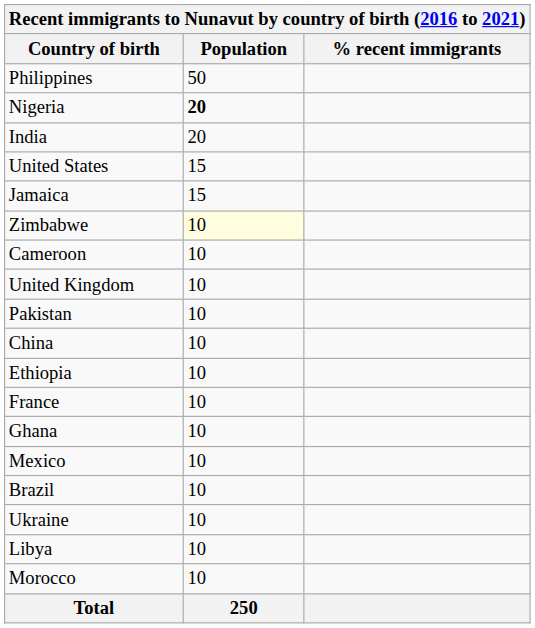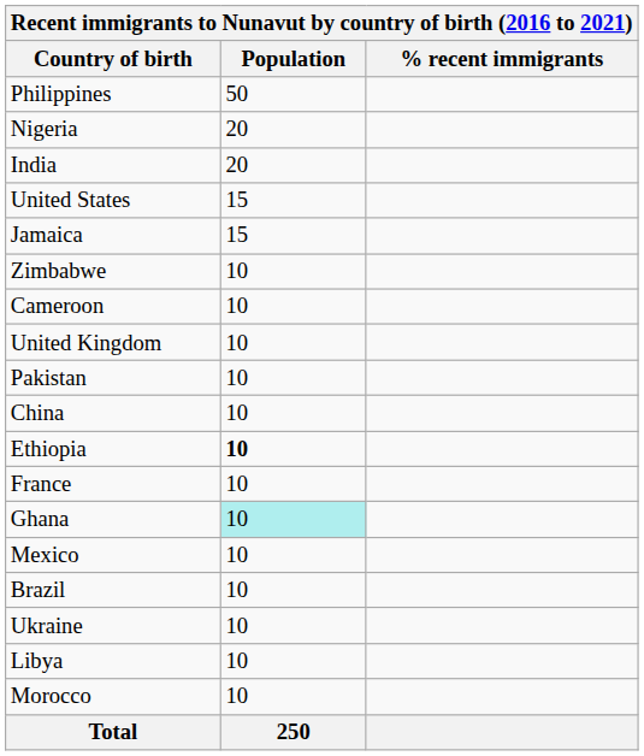 <table class="wikitable">
 <tr>
 <th colspan="4">Recent immigrants to Nunavut by country of birth (<a href='#'>2016</a> to <a href='#'>2021</a>)</th>
 </tr>
 <tr>
 <th>Country of birth</th>
 <th>Population</th>
 <th>% recent immigrants</th>
 </tr>
 <tr>
 <td>Philippines</td>
 <td>50</td>
 <td></td>
 </tr>
 <tr>
 <td>Nigeria</td>
-<td><strong>20</strong></td>
+<td>20</td>
 <td></td>
 </tr>
 <tr>
 <td>India</td>
 <td>20</td>
 <td></td>
 </tr>
 <tr>
 <td>United States</td>
 <td>15</td>
 <td></td>
 </tr>
 <tr>
 <td>Jamaica</td>
 <td>15</td>
 <td></td>
 </tr>
 <tr>
 <td>Zimbabwe</td>
-<td style="background: lightyellow;">10</td>
+<td>10</td>
 <td></td>
 </tr>
 <tr>
 <td>Cameroon</td>
 <td>10</td>
 <td></td>
 </tr>
 <tr>
 <td>United Kingdom</td>
 <td>10</td>
 <td></td>
 </tr>
 <tr>
 <td>Pakistan</td>
 <td>10</td>
 <td></td>
 </tr>
 <tr>
 <td>China</td>
 <td>10</td>
 <td></td>
 </tr>
 <tr>
 <td>Ethiopia</td>
-<td>10</td>
+<td><strong>10</strong></td>
 <td></td>
 </tr>
 <tr>
 <td>France</td>
 <td>10</td>
 <td></td>
 </tr>
 <tr>
 <td>Ghana</td>
-<td>10</td>
+<td style="background: paleturquoise;">10</td>
 <td></td>
 </tr>
 <tr>
 <td>Mexico</td>
 <td>10</td>
 <td></td>
 </tr>
 <tr>
 <td>Brazil</td>
 <td>10</td>
 <td></td>
 </tr>
 <tr>
 <td>Ukraine</td>
 <td>10</td>
 <td></td>
 </tr>
 <tr>
 <td>Libya</td>
 <td>10</td>
 <td></td>
 </tr>
 <tr>
 <td>Morocco</td>
 <td>10</td>
 <td></td>
 </tr>
 <tr>
 <th>Total</th>
 <th>250</th>
 <th></th>
 </tr>
 </table>
